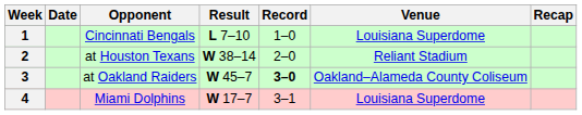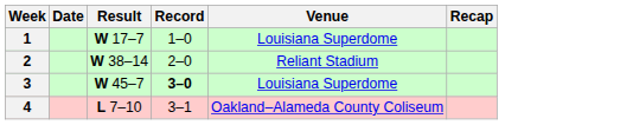 <table class="wikitable" style="text-align:center">
 <tr>
 <th>Week</th>
 <th>Date</th>
-<th>Opponent</th>
 <th>Result</th>
 <th>Record</th>
 <th>Venue</th>
 <th>Recap</th>
 </tr>
 <tr style="background:#cfc;">
 <th>1</th>
 <td></td>
-<td><a href='#'>Cincinnati Bengals</a></td>
-<td><strong>L</strong> 7–10</td>
+<td><strong>W</strong> 17–7</td>
 <td>1–0</td>
 <td><a href='#'>Louisiana Superdome</a></td>
 <td></td>
 </tr>
 <tr style="background:#cfc;">
 <th>2</th>
 <td></td>
-<td>at <a href='#'>Houston Texans</a></td>
 <td><strong>W</strong> 38–14</td>
 <td>2–0</td>
 <td><a href='#'>Reliant Stadium</a></td>
 <td></td>
 </tr>
 <tr style="background:#cfc;">
 <th>3</th>
 <td></td>
-<td>at <a href='#'>Oakland Raiders</a></td>
 <td><strong>W</strong> 45–7</td>
 <td><strong>3–0</strong></td>
-<td><a href='#'>Oakland–Alameda County Coliseum</a></td>
+<td><a href='#'>Louisiana Superdome</a></td>
 <td></td>
 </tr>
 <tr style="background:#fcc;">
 <th>4</th>
 <td></td>
-<td><a href='#'>Miami Dolphins</a></td>
-<td><strong>W</strong> 17–7</td>
+<td><strong>L</strong> 7–10</td>
 <td>3–1</td>
-<td><a href='#'>Louisiana Superdome</a></td>
+<td><a href='#'>Oakland–Alameda County Coliseum</a></td>
 <td></td>
 </tr>
 </table>
